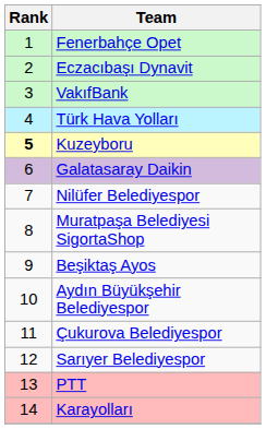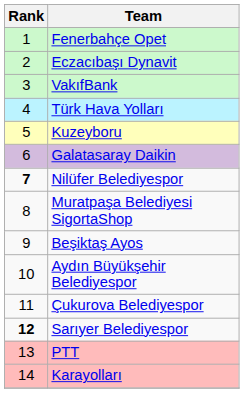 <table class="wikitable" style="text-align: center;">
 <tr>
 <th style="width: 40px;">Rank</th>
 <th style="width: 200px;">Team</th>
 </tr>
 <tr bgcolor=#CCF9CC>
 <td>1</td>
 <td style="text-align: left;"><a href='#'>Fenerbahçe Opet</a></td>
 </tr>
 <tr bgcolor=#CCF9CC>
 <td>2</td>
 <td style="text-align: left;"><a href='#'>Eczacıbaşı Dynavit</a></td>
 </tr>
 <tr bgcolor=#CCF9CC>
 <td>3</td>
 <td style="text-align: left;"><a href='#'>VakıfBank</a></td>
 </tr>
 <tr bgcolor=#BBF3FF>
 <td>4</td>
 <td style="text-align: left;"><a href='#'>Türk Hava Yolları</a></td>
 </tr>
 <tr bgcolor=#FFFFBB>
-<td><strong>5</strong></td>
+<td>5</td>
 <td style="text-align: left;"><a href='#'>Kuzeyboru</a></td>
 </tr>
 <tr bgcolor=#D3BBDD>
 <td>6</td>
 <td style="text-align: left;"><a href='#'>Galatasaray Daikin</a></td>
 </tr>
 <tr>
-<td>7</td>
+<td><strong>7</strong></td>
 <td style="text-align: left;"><a href='#'>Nilüfer Belediyespor</a></td>
 </tr>
 <tr>
 <td>8</td>
 <td style="text-align: left;"><a href='#'>Muratpaşa Belediyesi SigortaShop</a></td>
 </tr>
 <tr>
 <td>9</td>
 <td style="text-align: left;"><a href='#'>Beşiktaş Ayos</a></td>
 </tr>
 <tr>
 <td>10</td>
 <td style="text-align: left;"><a href='#'>Aydın Büyükşehir Belediyespor</a></td>
 </tr>
 <tr>
 <td>11</td>
 <td style="text-align: left;"><a href='#'>Çukurova Belediyespor</a></td>
 </tr>
 <tr>
-<td>12</td>
+<td><strong>12</strong></td>
 <td style="text-align: left;"><a href='#'>Sarıyer Belediyespor</a></td>
 </tr>
 <tr bgcolor=#FFBBBB>
 <td>13</td>
 <td style="text-align: left;"><a href='#'>PTT</a></td>
 </tr>
 <tr bgcolor=#FFBBBB>
 <td>14</td>
 <td style="text-align: left;"><a href='#'>Karayolları</a></td>
 </tr>
 <tr>
 </tr>
 </table>
